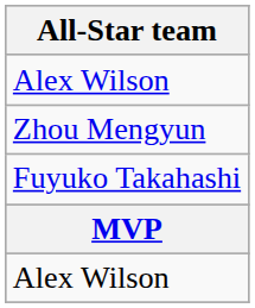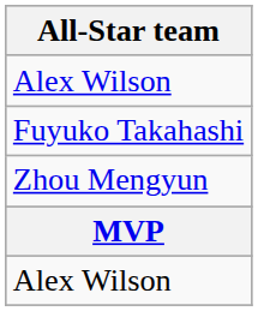 <table class="wikitable plainrowheaders">
 <tr>
 <th scope="col" colspan=2>All-Star team</th>
 </tr>
 <tr>
 <td> <a href='#'>Alex Wilson</a></td>
 </tr>
 <tr>
-<td> <a href='#'>Zhou Mengyun</a></td>
+<td> <a href='#'>Fuyuko Takahashi</a></td>
 </tr>
 <tr>
-<td> <a href='#'>Fuyuko Takahashi</a></td>
+<td> <a href='#'>Zhou Mengyun</a></td>
 </tr>
 <tr>
 <th scope="col" colspan=2><a href='#'>MVP</a></th>
 </tr>
 <tr>
 <td> Alex Wilson</td>
 </tr>
 </table>
